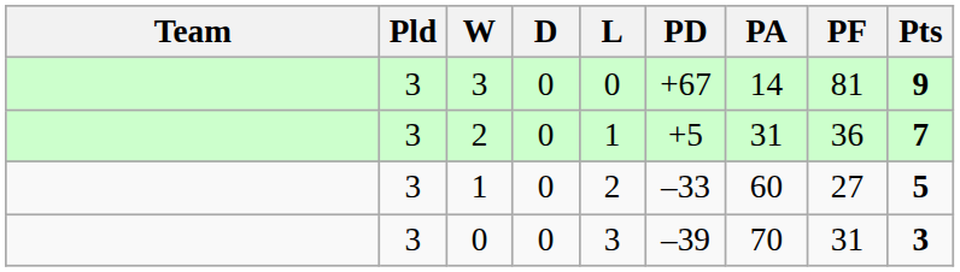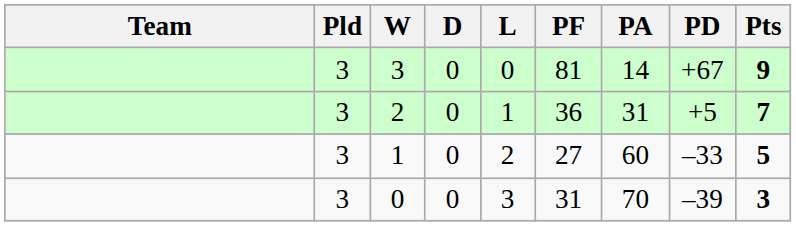 <table class="wikitable" style="text-align:center;">
 <tr>
 <th width=175>Team</th>
 <th width=25 abbr="Played">Pld</th>
 <th width=25 abbr="Won">W</th>
 <th width=25 abbr="Drawn">D</th>
 <th width=25 abbr="Lost">L</th>
+<th width=32 abbr="Points for">PF</th>
+<th width=32 abbr="Points against">PA</th>
 <th width=32 abbr="Points difference">PD</th>
-<th width=32 abbr="Points against">PA</th>
-<th width=32 abbr="Points for">PF</th>
 <th width=25 abbr="Points">Pts</th>
 </tr>
 <tr bgcolor=ccffcc>
 <td align=left></td>
 <td>3</td>
 <td>3</td>
 <td>0</td>
 <td>0</td>
+<td>81</td>
+<td>14</td>
 <td>+67</td>
-<td>14</td>
-<td>81</td>
 <td><strong>9</strong></td>
 </tr>
 <tr bgcolor=ccffcc>
 <td align=left></td>
 <td>3</td>
 <td>2</td>
 <td>0</td>
 <td>1</td>
+<td>36</td>
+<td>31</td>
 <td>+5</td>
-<td>31</td>
-<td>36</td>
 <td><strong>7</strong></td>
 </tr>
 <tr>
 <td align=left></td>
 <td>3</td>
 <td>1</td>
 <td>0</td>
 <td>2</td>
+<td>27</td>
+<td>60</td>
 <td>–33</td>
-<td>60</td>
-<td>27</td>
 <td><strong>5</strong></td>
 </tr>
 <tr>
 <td align=left></td>
 <td>3</td>
 <td>0</td>
 <td>0</td>
 <td>3</td>
+<td>31</td>
+<td>70</td>
 <td>–39</td>
-<td>70</td>
-<td>31</td>
 <td><strong>3</strong></td>
 </tr>
 </table>
